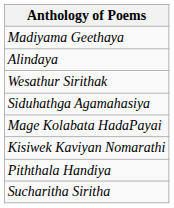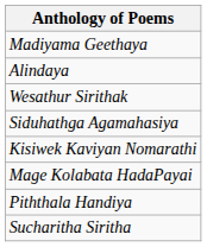 <table class="wikitable" border="1">
 <tr>
 <th>Anthology of Poems</th>
 </tr>
 <tr>
 <td><em>Madiyama Geethaya</em></td>
 </tr>
 <tr>
 <td><em>Alindaya</em></td>
 </tr>
 <tr>
 <td><em>Wesathur Sirithak</em></td>
 </tr>
 <tr>
 <td><em>Siduhathga Agamahasiya</em></td>
 </tr>
 <tr>
-<td><em>Mage Kolabata HadaPayai</em></td>
+<td><em>Kisiwek Kaviyan Nomarathi</em></td>
 </tr>
 <tr>
-<td><em>Kisiwek Kaviyan Nomarathi</em></td>
+<td><em>Mage Kolabata HadaPayai</em></td>
 </tr>
 <tr>
 <td><em>Piththala Handiya</em></td>
 </tr>
 <tr>
 <td><em>Sucharitha Siritha</em></td>
 </tr>
 </table>
